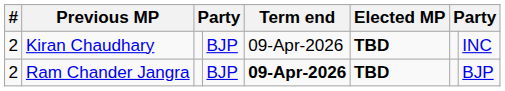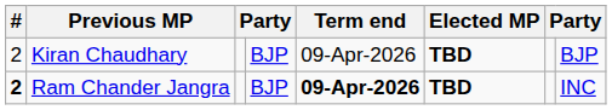 <table class="wikitable sortable">
 <tr>
 <th>#</th>
 <th>Previous MP</th>
 <th colspan="2">Party</th>
 <th>Term end</th>
 <th>Elected MP</th>
 <th colspan="2">Party</th>
 </tr>
 <tr>
 <td>2</td>
 <td><a href='#'>Kiran Chaudhary </a></td>
 <td></td>
 <td><a href='#'>BJP</a></td>
 <td>09-Apr-2026</td>
 <td><strong>TBD</strong></td>
 <td></td>
-<td><a href='#'>INC</a></td>
+<td><a href='#'>BJP</a></td>
 </tr>
 <tr>
-<td>2</td>
+<td><strong>2</strong></td>
 <td><a href='#'>Ram Chander Jangra</a></td>
 <td width="1px"></td>
 <td><a href='#'>BJP</a></td>
 <td><strong>09-Apr-2026</strong></td>
 <td><strong>TBD</strong></td>
 <td width="1px"></td>
-<td><a href='#'>BJP</a></td>
+<td><a href='#'>INC</a></td>
 </tr>
 </table>
